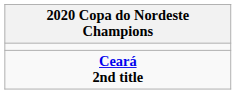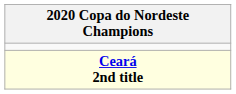 <table class="wikitable" style="text-align: center; margin: 0 auto; width: 20%">
 <tr>
 <th>2020 Copa do Nordeste<br>Champions</th>
 </tr>
 <tr>
 <td></td>
 </tr>
 <tr>
-<td><strong><a href='#'>Ceará</a></strong><br><strong>2nd title</strong></td>
+<td style="background: lightyellow;"><strong><a href='#'>Ceará</a></strong><br><strong>2nd title</strong></td>
 </tr>
 </table>
